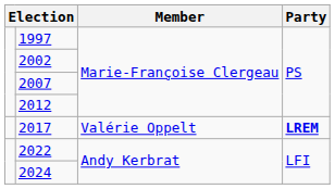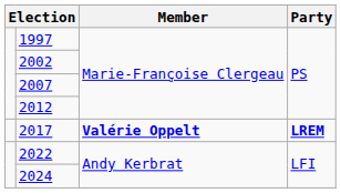 <table class="wikitable">
 <tr>
 <th colspan="2">Election</th>
 <th>Member</th>
 <th>Party</th>
 </tr>
 <tr>
 <td rowspan="4" style="color:inherit;background:"></td>
 <td><a href='#'>1997</a></td>
 <td rowspan="4"><a href='#'>Marie-Françoise Clergeau</a></td>
 <td rowspan="4"><a href='#'>PS</a></td>
 </tr>
 <tr>
 <td><a href='#'>2002</a></td>
 </tr>
 <tr>
 <td><a href='#'>2007</a></td>
 </tr>
 <tr>
 <td><a href='#'>2012</a></td>
 </tr>
 <tr>
 <td style="color:inherit;background:"></td>
 <td><a href='#'>2017</a></td>
-<td><a href='#'>Valérie Oppelt</a></td>
+<td><strong><a href='#'>Valérie Oppelt</a></strong></td>
 <td><strong><a href='#'>LREM</a></strong></td>
 </tr>
 <tr>
 <td rowspan="2" style="color:inherit;background:"></td>
 <td><a href='#'>2022</a></td>
 <td rowspan="2"><a href='#'>Andy Kerbrat</a></td>
 <td rowspan="2"><a href='#'>LFI</a></td>
 </tr>
 <tr>
 <td><a href='#'>2024</a></td>
 </tr>
 </table>
